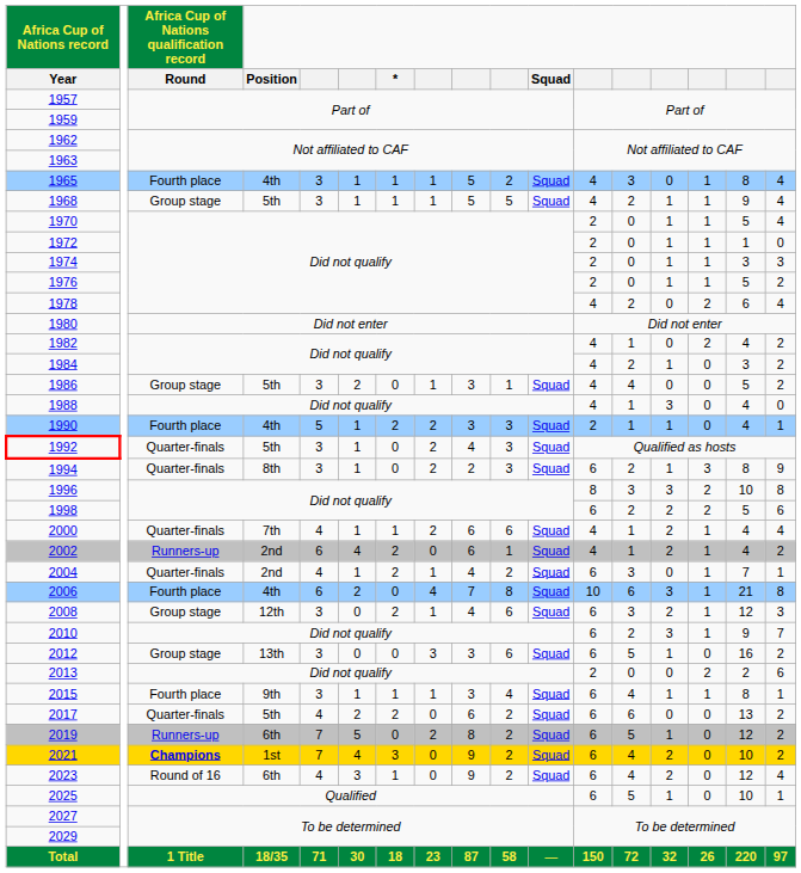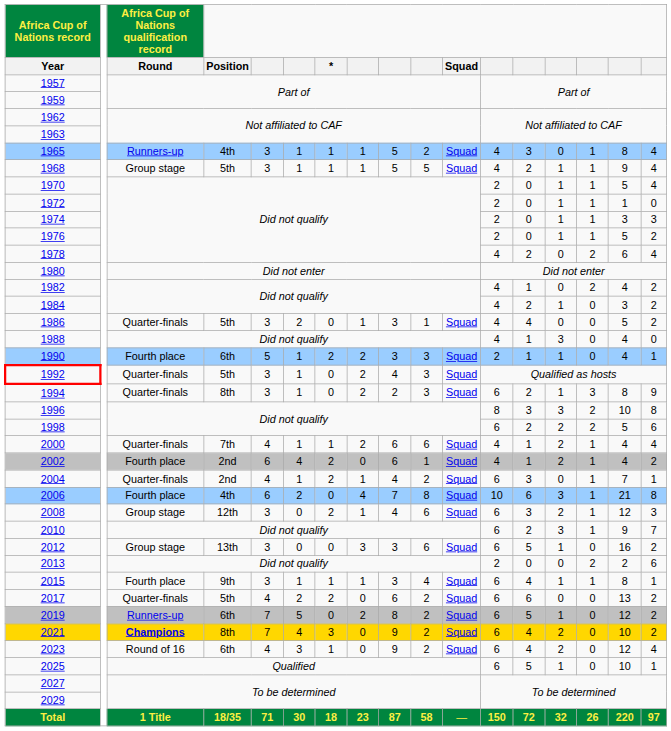 <table class="wikitable" class="wikitable" style="font-size:90%; text-align:center; width:100%">
 <tr>
 <th style="background:#00853F; color:#FDEF42; ">Africa Cup of Nations record</th>
 <th rowspan="40" style="width:1%;background:white"></th>
 <th style="background:#00853F;color:#FDEF42; ">Africa Cup of Nations qualification record</th>
 </tr>
 <tr>
 <th width="15%">Year</th>
 <th width="15%">Round</th>
 <th width="5%">Position</th>
 <th width="5%"></th>
 <th width="5%"></th>
 <th width="5%">*</th>
 <th width="5%"></th>
 <th width="5%"></th>
 <th width="5%"></th>
 <th width="5%">Squad</th>
 <th width="5%"></th>
 <th width="5%"></th>
 <th width="5%"></th>
 <th width="5%"></th>
 <th width="5%"></th>
 <th width="5%"></th>
 </tr>
 <tr>
 <td> <a href='#'>1957</a></td>
 <td colspan=9 rowspan=2><em>Part of </em></td>
 <td colspan="6" rowspan="2"><em>Part of </em></td>
 </tr>
 <tr>
 <td> <a href='#'>1959</a></td>
 </tr>
 <tr>
 <td> <a href='#'>1962</a></td>
 <td colspan="9" rowspan="2"><em>Not affiliated to CAF</em></td>
 <td colspan="6" rowspan="2"><em>Not affiliated to CAF</em></td>
 </tr>
 <tr>
 <td> <a href='#'>1963</a></td>
 </tr>
 <tr style="background:#9acdff;">
 <td> <a href='#'>1965</a></td>
-<td>Fourth place</td>
+<td><a href='#'>Runners-up</a></td>
 <td>4th</td>
 <td>3</td>
 <td>1</td>
 <td>1</td>
 <td>1</td>
 <td>5</td>
 <td>2</td>
 <td><a href='#'>Squad</a></td>
 <td>4</td>
 <td>3</td>
 <td>0</td>
 <td>1</td>
 <td>8</td>
 <td>4</td>
 </tr>
 <tr>
 <td> <a href='#'>1968</a></td>
 <td>Group stage</td>
 <td>5th</td>
 <td>3</td>
 <td>1</td>
 <td>1</td>
 <td>1</td>
 <td>5</td>
 <td>5</td>
 <td><a href='#'>Squad</a></td>
 <td>4</td>
 <td>2</td>
 <td>1</td>
 <td>1</td>
 <td>9</td>
 <td>4</td>
 </tr>
 <tr>
 <td> <a href='#'>1970</a></td>
 <td colspan=9 rowspan=5><em>Did not qualify</em></td>
 <td>2</td>
 <td>0</td>
 <td>1</td>
 <td>1</td>
 <td>5</td>
 <td>4</td>
 </tr>
 <tr>
 <td> <a href='#'>1972</a></td>
 <td>2</td>
 <td>0</td>
 <td>1</td>
 <td>1</td>
 <td>1</td>
 <td>0</td>
 </tr>
 <tr>
 <td> <a href='#'>1974</a></td>
 <td>2</td>
 <td>0</td>
 <td>1</td>
 <td>1</td>
 <td>3</td>
 <td>3</td>
 </tr>
 <tr>
 <td> <a href='#'>1976</a></td>
 <td>2</td>
 <td>0</td>
 <td>1</td>
 <td>1</td>
 <td>5</td>
 <td>2</td>
 </tr>
 <tr>
 <td> <a href='#'>1978</a></td>
 <td>4</td>
 <td>2</td>
 <td>0</td>
 <td>2</td>
 <td>6</td>
 <td>4</td>
 </tr>
 <tr>
 <td> <a href='#'>1980</a></td>
 <td colspan=9><em>Did not enter</em></td>
 <td colspan="6"><em>Did not enter</em></td>
 </tr>
 <tr>
 <td> <a href='#'>1982</a></td>
 <td colspan="9" rowspan="2"><em>Did not qualify</em></td>
 <td>4</td>
 <td>1</td>
 <td>0</td>
 <td>2</td>
 <td>4</td>
 <td>2</td>
 </tr>
 <tr>
 <td> <a href='#'>1984</a></td>
 <td>4</td>
 <td>2</td>
 <td>1</td>
 <td>0</td>
 <td>3</td>
 <td>2</td>
 </tr>
 <tr>
 <td> <a href='#'>1986</a></td>
-<td>Group stage</td>
+<td>Quarter-finals</td>
 <td>5th</td>
 <td>3</td>
 <td>2</td>
 <td>0</td>
 <td>1</td>
 <td>3</td>
 <td>1</td>
 <td><a href='#'>Squad</a></td>
 <td>4</td>
 <td>4</td>
 <td>0</td>
 <td>0</td>
 <td>5</td>
 <td>2</td>
 </tr>
 <tr>
 <td> <a href='#'>1988</a></td>
 <td colspan=9><em>Did not qualify</em></td>
 <td>4</td>
 <td>1</td>
 <td>3</td>
 <td>0</td>
 <td>4</td>
 <td>0</td>
 </tr>
 <tr style="background:#9acdff;">
 <td> <a href='#'>1990</a></td>
 <td>Fourth place</td>
-<td>4th</td>
+<td>6th</td>
 <td>5</td>
 <td>1</td>
 <td>2</td>
 <td>2</td>
 <td>3</td>
 <td>3</td>
 <td><a href='#'>Squad</a></td>
 <td>2</td>
 <td>1</td>
 <td>1</td>
 <td>0</td>
 <td>4</td>
 <td>1</td>
 </tr>
 <tr>
 <td style="border: 3px solid red "> <a href='#'>1992</a></td>
 <td>Quarter-finals</td>
 <td>5th</td>
 <td>3</td>
 <td>1</td>
 <td>0</td>
 <td>2</td>
 <td>4</td>
 <td>3</td>
 <td><a href='#'>Squad</a></td>
 <td colspan="6"><em>Qualified as hosts</em></td>
 </tr>
 <tr>
 <td> <a href='#'>1994</a></td>
 <td>Quarter-finals</td>
 <td>8th</td>
 <td>3</td>
 <td>1</td>
 <td>0</td>
 <td>2</td>
 <td>2</td>
 <td>3</td>
 <td><a href='#'>Squad</a></td>
 <td>6</td>
 <td>2</td>
 <td>1</td>
 <td>3</td>
 <td>8</td>
 <td>9</td>
 </tr>
 <tr>
 <td> <a href='#'>1996</a></td>
 <td colspan="9" rowspan="2"><em>Did not qualify</em></td>
 <td>8</td>
 <td>3</td>
 <td>3</td>
 <td>2</td>
 <td>10</td>
 <td>8</td>
 </tr>
 <tr>
 <td> <a href='#'>1998</a></td>
 <td>6</td>
 <td>2</td>
 <td>2</td>
 <td>2</td>
 <td>5</td>
 <td>6</td>
 </tr>
 <tr>
 <td>  <a href='#'>2000</a></td>
 <td>Quarter-finals</td>
 <td>7th</td>
 <td>4</td>
 <td>1</td>
 <td>1</td>
 <td>2</td>
 <td>6</td>
 <td>6</td>
 <td><a href='#'>Squad</a></td>
 <td>4</td>
 <td>1</td>
 <td>2</td>
 <td>1</td>
 <td>4</td>
 <td>4</td>
 </tr>
 <tr bgcolor="silver">
 <td> <a href='#'>2002</a></td>
-<td><a href='#'>Runners-up</a></td>
+<td>Fourth place</td>
 <td>2nd</td>
 <td>6</td>
 <td>4</td>
 <td>2</td>
 <td>0</td>
 <td>6</td>
 <td>1</td>
 <td><a href='#'>Squad</a></td>
 <td>4</td>
 <td>1</td>
 <td>2</td>
 <td>1</td>
 <td>4</td>
 <td>2</td>
 </tr>
 <tr>
 <td> <a href='#'>2004</a></td>
 <td>Quarter-finals</td>
 <td>2nd</td>
 <td>4</td>
 <td>1</td>
 <td>2</td>
 <td>1</td>
 <td>4</td>
 <td>2</td>
 <td><a href='#'>Squad</a></td>
 <td>6</td>
 <td>3</td>
 <td>0</td>
 <td>1</td>
 <td>7</td>
 <td>1</td>
 </tr>
 <tr style="background:#9acdff;">
 <td> <a href='#'>2006</a></td>
 <td>Fourth place</td>
 <td>4th</td>
 <td>6</td>
 <td>2</td>
 <td>0</td>
 <td>4</td>
 <td>7</td>
 <td>8</td>
 <td><a href='#'>Squad</a></td>
 <td>10</td>
 <td>6</td>
 <td>3</td>
 <td>1</td>
 <td>21</td>
 <td>8</td>
 </tr>
 <tr>
 <td> <a href='#'>2008</a></td>
 <td>Group stage</td>
 <td>12th</td>
 <td>3</td>
 <td>0</td>
 <td>2</td>
 <td>1</td>
 <td>4</td>
 <td>6</td>
 <td><a href='#'>Squad</a></td>
 <td>6</td>
 <td>3</td>
 <td>2</td>
 <td>1</td>
 <td>12</td>
 <td>3</td>
 </tr>
 <tr>
 <td> <a href='#'>2010</a></td>
 <td colspan=9><em>Did not qualify</em></td>
 <td>6</td>
 <td>2</td>
 <td>3</td>
 <td>1</td>
 <td>9</td>
 <td>7</td>
 </tr>
 <tr>
 <td>  <a href='#'>2012</a></td>
 <td>Group stage</td>
 <td>13th</td>
 <td>3</td>
 <td>0</td>
 <td>0</td>
 <td>3</td>
 <td>3</td>
 <td>6</td>
 <td><a href='#'>Squad</a></td>
 <td>6</td>
 <td>5</td>
 <td>1</td>
 <td>0</td>
 <td>16</td>
 <td>2</td>
 </tr>
 <tr>
 <td> <a href='#'>2013</a></td>
 <td colspan=9><em>Did not qualify</em></td>
 <td>2</td>
 <td>0</td>
 <td>0</td>
 <td>2</td>
 <td>2</td>
 <td>6</td>
 </tr>
 <tr>
 <td> <a href='#'>2015</a></td>
 <td>Fourth place</td>
 <td>9th</td>
 <td>3</td>
 <td>1</td>
 <td>1</td>
 <td>1</td>
 <td>3</td>
 <td>4</td>
 <td><a href='#'>Squad</a></td>
 <td>6</td>
 <td>4</td>
 <td>1</td>
 <td>1</td>
 <td>8</td>
 <td>1</td>
 </tr>
 <tr>
 <td> <a href='#'>2017</a></td>
 <td>Quarter-finals</td>
 <td>5th</td>
 <td>4</td>
 <td>2</td>
 <td>2</td>
 <td>0</td>
 <td>6</td>
 <td>2</td>
 <td><a href='#'>Squad</a></td>
 <td>6</td>
 <td>6</td>
 <td>0</td>
 <td>0</td>
 <td>13</td>
 <td>2</td>
 </tr>
 <tr bgcolor="silver">
 <td> <a href='#'>2019</a></td>
 <td><a href='#'>Runners-up</a></td>
 <td>6th</td>
 <td>7</td>
 <td>5</td>
 <td>0</td>
 <td>2</td>
 <td>8</td>
 <td>2</td>
 <td><a href='#'>Squad</a></td>
 <td>6</td>
 <td>5</td>
 <td>1</td>
 <td>0</td>
 <td>12</td>
 <td>2</td>
 </tr>
 <tr bgcolor="gold">
 <td> <a href='#'>2021</a></td>
 <td><strong><a href='#'>Champions</a></strong></td>
-<td>1st</td>
+<td>8th</td>
 <td>7</td>
 <td>4</td>
 <td>3</td>
 <td>0</td>
 <td>9</td>
 <td>2</td>
 <td><a href='#'>Squad</a></td>
 <td>6</td>
 <td>4</td>
 <td>2</td>
 <td>0</td>
 <td>10</td>
 <td>2</td>
 </tr>
 <tr>
 <td> <a href='#'>2023</a></td>
 <td>Round of 16</td>
 <td>6th</td>
 <td>4</td>
 <td>3</td>
 <td>1</td>
 <td>0</td>
 <td>9</td>
 <td>2</td>
 <td><a href='#'>Squad</a></td>
 <td>6</td>
 <td>4</td>
 <td>2</td>
 <td>0</td>
 <td>12</td>
 <td>4</td>
 </tr>
 <tr>
 <td> <a href='#'>2025</a></td>
 <td colspan="9"><em> Qualified </em></td>
 <td>6</td>
 <td>5</td>
 <td>1</td>
 <td>0</td>
 <td>10</td>
 <td>1</td>
 </tr>
 <tr>
 <td>   <a href='#'>2027</a></td>
 <td colspan="9" rowspan="2"><em> To be determined </em></td>
 <td colspan="9" rowspan="2"><em> To be determined </em></td>
 </tr>
 <tr>
 <td> <a href='#'>2029</a></td>
 </tr>
 <tr>
 <th style="background:#00853F; color:#FDEF42; ">Total</th>
 <th style="background:#00853F; color:#FDEF42; ">1 Title</th>
 <th style="background:#00853F; color:#FDEF42; ">18/35</th>
 <th style="background:#00853F; color:#FDEF42; ">71</th>
 <th style="background:#00853F; color:#FDEF42; ">30</th>
 <th style="background:#00853F; color:#FDEF42; ">18</th>
 <th style="background:#00853F; color:#FDEF42; ">23</th>
 <th style="background:#00853F; color:#FDEF42; ">87</th>
 <th style="background:#00853F; color:#FDEF42; ">58</th>
 <td style="background:#00853F; color:#FDEF42; ">—</td>
 <th style="background:#00853F;color: #FDEF42; ">150</th>
 <th style="background:#00853F;color: #FDEF42; ">72</th>
 <th style="background:#00853F;color: #FDEF42; ">32</th>
 <th style="background:#00853F;color: #FDEF42; ">26</th>
 <th style="background:#00853F;color: #FDEF42; ">220</th>
 <th style="background:#00853F;color: #FDEF42; ">97</th>
 </tr>
 </table>
